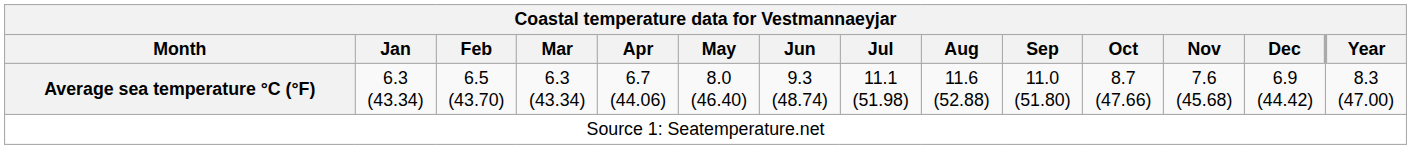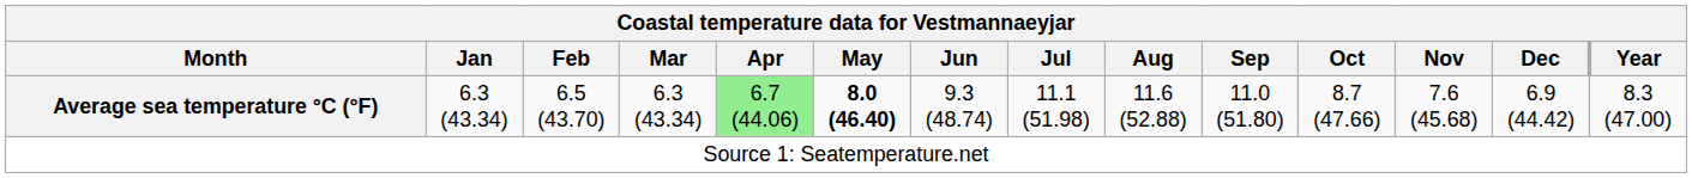 <table style="width:100%;text-align:center;line-height:1.2em;margin-left:auto;margin-right:auto" class="wikitable">
 <tr>
 <th Colspan=14>Coastal temperature data for Vestmannaeyjar</th>
 </tr>
 <tr>
 <th>Month</th>
 <th>Jan</th>
 <th>Feb</th>
 <th>Mar</th>
 <th>Apr</th>
 <th>May</th>
 <th>Jun</th>
 <th>Jul</th>
 <th>Aug</th>
 <th>Sep</th>
 <th>Oct</th>
 <th>Nov</th>
 <th>Dec</th>
 <th style="border-left-width:medium">Year</th>
 </tr>
 <tr>
 <th>Average sea temperature °C (°F)</th>
 <td>6.3<br>(43.34)</td>
 <td>6.5<br>(43.70)</td>
 <td>6.3<br>(43.34)</td>
-<td>6.7<br>(44.06)</td>
-<td>8.0<br>(46.40)</td>
+<td style="background: lightgreen;">6.7<br>(44.06)</td>
+<td><strong>8.0<br>(46.40)</strong></td>
 <td>9.3<br>(48.74)</td>
 <td>11.1<br>(51.98)</td>
 <td>11.6<br>(52.88)</td>
 <td>11.0<br>(51.80)</td>
 <td>8.7<br>(47.66)</td>
 <td>7.6<br>(45.68)</td>
 <td>6.9<br>(44.42)</td>
 <td>8.3<br>(47.00)</td>
 </tr>
 <tr>
 <th Colspan=14 style="background:#ffffff;font-weight:normal;font-size:100%;">Source 1: Seatemperature.net</th>
 </tr>
 </table>
